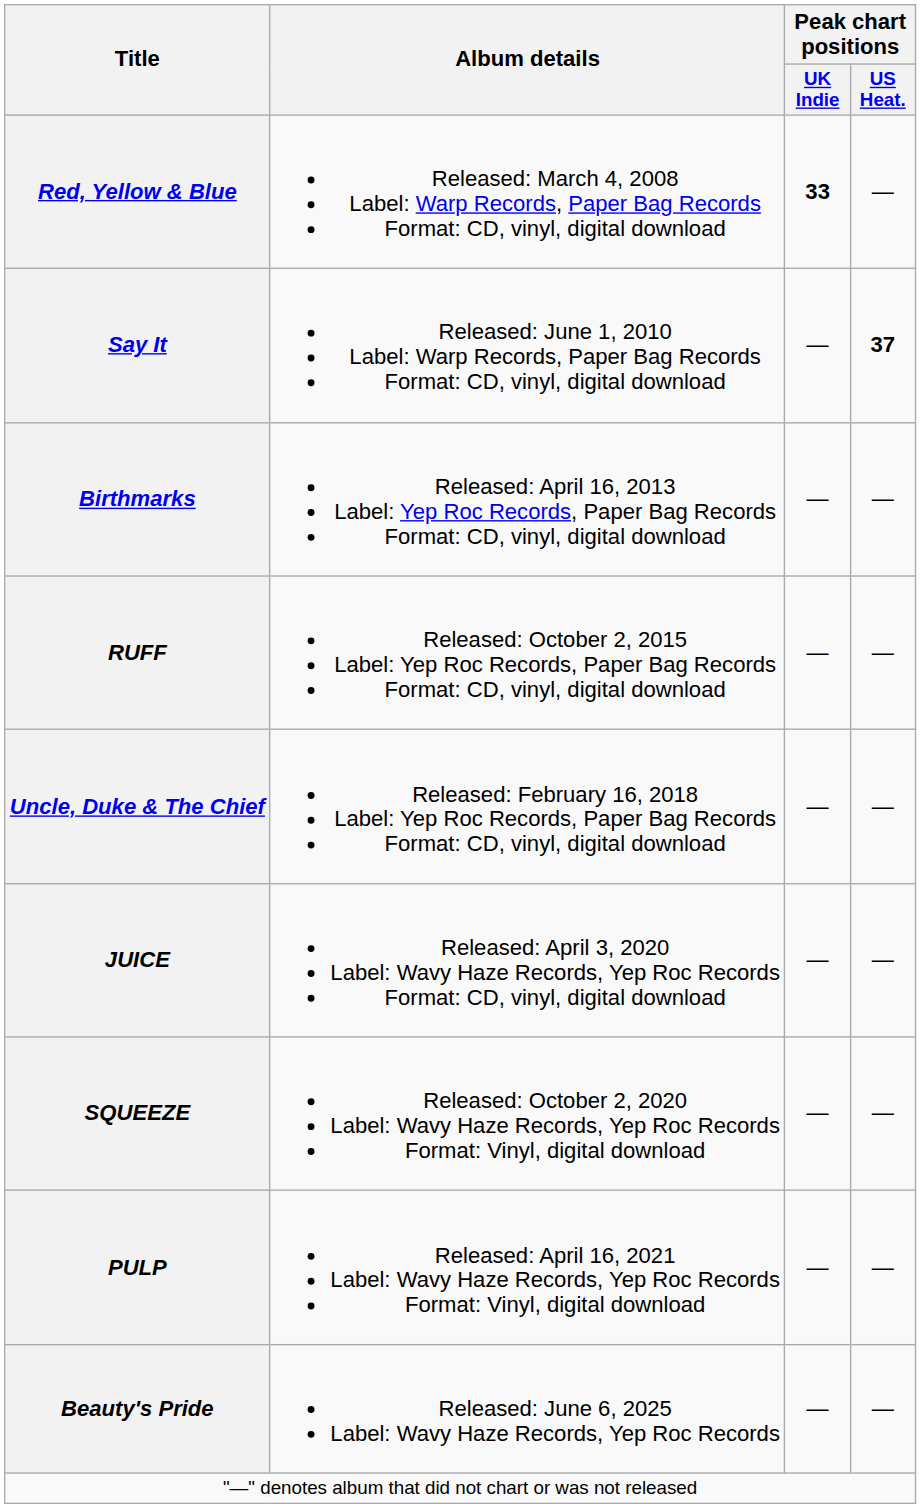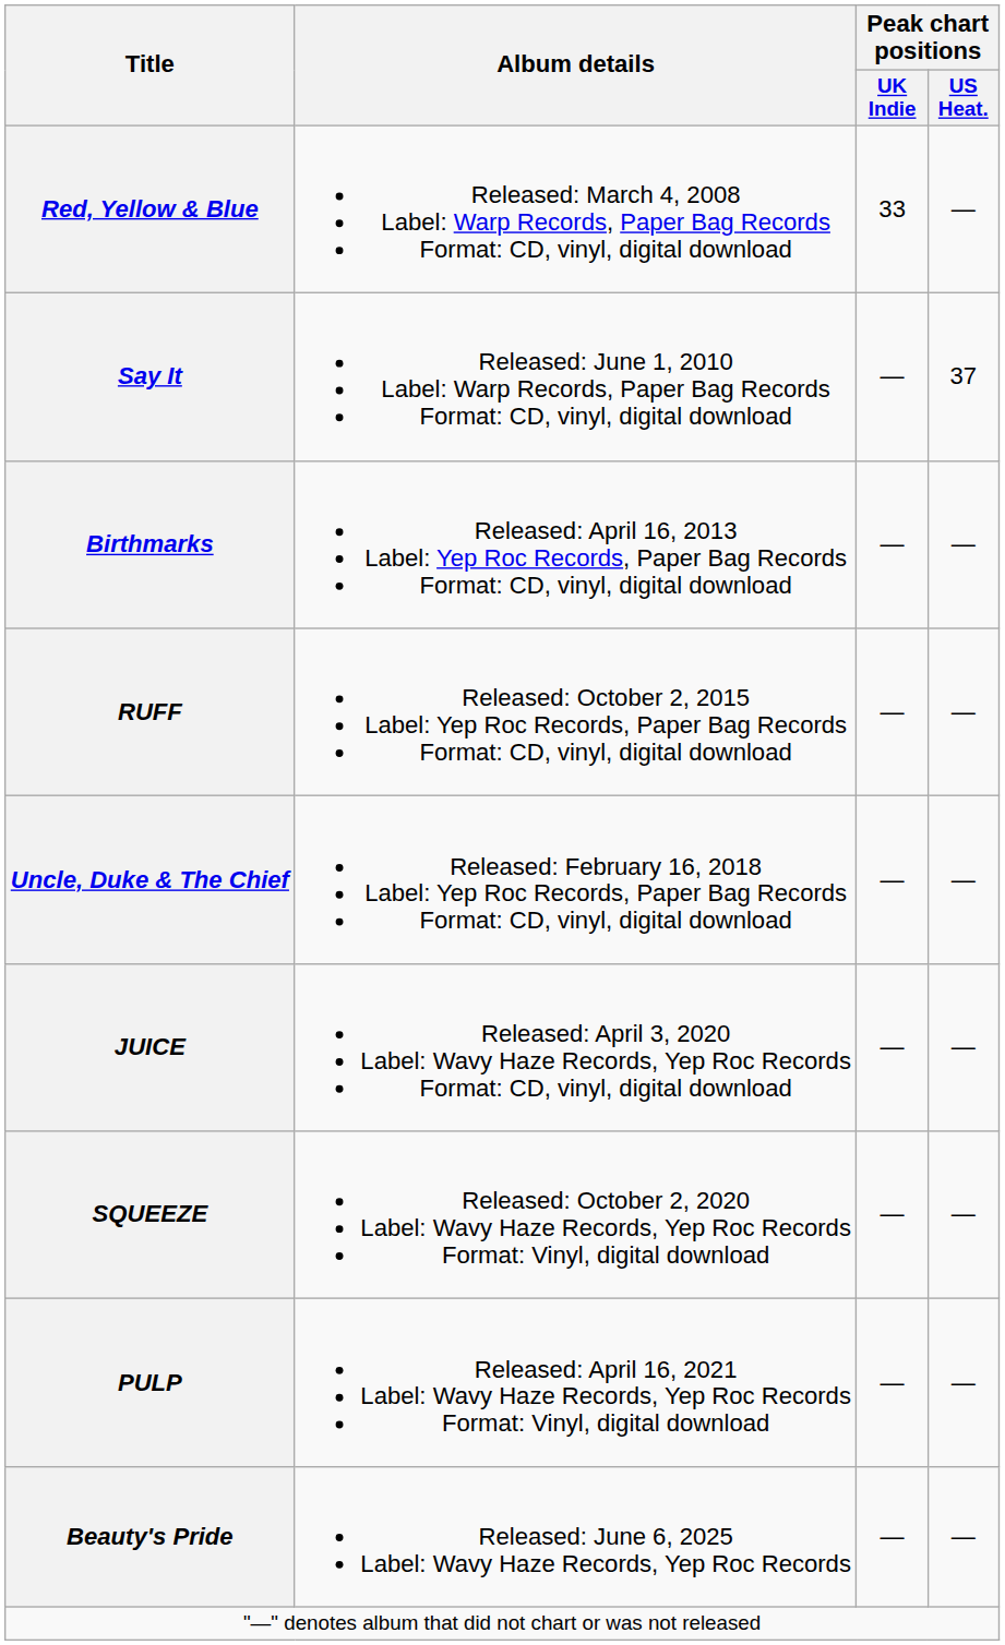 <table class="wikitable plainrowheaders" style="text-align:center;">
 <tr>
 <th scope="col" rowspan="2">Title</th>
 <th scope="col" rowspan="2">Album details</th>
 <th scope="col" colspan="2">Peak chart positions</th>
 </tr>
 <tr>
 <th scope="col" style="width:3em;font-size:85%;"><a href='#'>UK<br>Indie</a><br></th>
 <th scope="col" style="width:3em;font-size:85%;"><a href='#'>US<br>Heat.</a><br></th>
 </tr>
 <tr>
 <th scope="row"><em><a href='#'>Red, Yellow & Blue</a></em></th>
 <td><br><ul><li>Released: March 4, 2008</li><li>Label: <a href='#'>Warp Records</a>, <a href='#'>Paper Bag Records</a></li><li>Format: CD, vinyl, digital download</li></ul></td>
-<td><strong>33</strong></td>
+<td>33</td>
 <td>—</td>
 </tr>
 <tr>
 <th scope="row"><em><a href='#'>Say It</a></em></th>
 <td><br><ul><li>Released: June 1, 2010</li><li>Label: Warp Records, Paper Bag Records</li><li>Format: CD, vinyl, digital download</li></ul></td>
 <td>—</td>
-<td><strong>37</strong></td>
+<td>37</td>
 </tr>
 <tr>
 <th scope="row"><em><a href='#'>Birthmarks</a></em></th>
 <td><br><ul><li>Released: April 16, 2013</li><li>Label: <a href='#'>Yep Roc Records</a>, Paper Bag Records</li><li>Format: CD, vinyl, digital download</li></ul></td>
 <td>—</td>
 <td>—</td>
 </tr>
 <tr>
 <th scope="row"><em>RUFF</em></th>
 <td><br><ul><li>Released: October 2, 2015</li><li>Label: Yep Roc Records, Paper Bag Records</li><li>Format: CD, vinyl, digital download</li></ul></td>
 <td>—</td>
 <td>—</td>
 </tr>
 <tr>
 <th scope="row"><em><a href='#'>Uncle, Duke & The Chief</a></em></th>
 <td><br><ul><li>Released: February 16, 2018</li><li>Label: Yep Roc Records, Paper Bag Records</li><li>Format: CD, vinyl, digital download</li></ul></td>
 <td>—</td>
 <td>—</td>
 </tr>
 <tr>
 <th scope="row"><em>JUICE</em></th>
 <td><br><ul><li>Released: April 3, 2020</li><li>Label: Wavy Haze Records, Yep Roc Records</li><li>Format: CD, vinyl, digital download</li></ul></td>
 <td>—</td>
 <td>—</td>
 </tr>
 <tr>
 <th scope="row"><em>SQUEEZE</em></th>
 <td><br><ul><li>Released: October 2, 2020</li><li>Label: Wavy Haze Records, Yep Roc Records</li><li>Format: Vinyl, digital download</li></ul></td>
 <td>—</td>
 <td>—</td>
 </tr>
 <tr>
 <th scope="row"><em>PULP</em></th>
 <td><br><ul><li>Released: April 16, 2021</li><li>Label: Wavy Haze Records, Yep Roc Records</li><li>Format: Vinyl, digital download</li></ul></td>
 <td>—</td>
 <td>—</td>
 </tr>
 <tr>
 <th scope="row"><em>Beauty's Pride</em></th>
 <td><br><ul><li>Released: June 6, 2025</li><li>Label: Wavy Haze Records, Yep Roc Records</li></ul></td>
 <td>—</td>
 <td>—</td>
 </tr>
 <tr>
 <td colspan="18" style="text-align:center; font-size:85%;">"—" denotes album that did not chart or was not released</td>
 </tr>
 </table>
